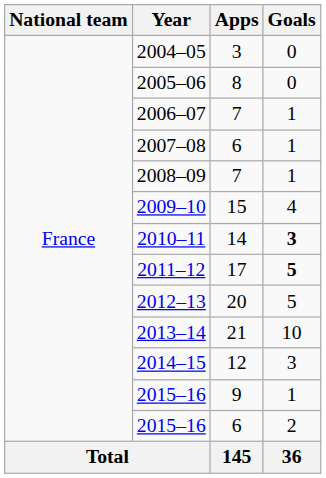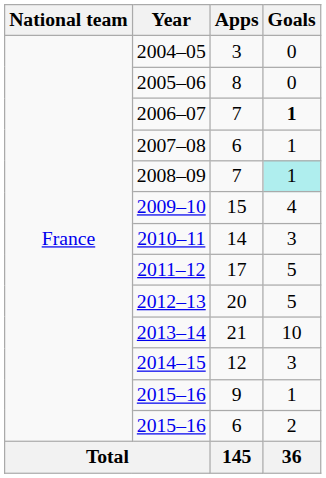 <table class="wikitable" style="text-align:center">
 <tr>
 <th>National team</th>
 <th>Year</th>
 <th>Apps</th>
 <th>Goals</th>
 </tr>
 <tr>
 <td rowspan="13"><a href='#'>France</a></td>
 <td>2004–05</td>
 <td>3</td>
 <td>0</td>
 </tr>
 <tr>
 <td>2005–06</td>
 <td>8</td>
 <td>0</td>
 </tr>
 <tr>
 <td>2006–07</td>
 <td>7</td>
-<td>1</td>
+<td><strong>1</strong></td>
 </tr>
 <tr>
 <td>2007–08</td>
 <td>6</td>
 <td>1</td>
 </tr>
 <tr>
 <td>2008–09</td>
 <td>7</td>
-<td>1</td>
+<td style="background: paleturquoise;">1</td>
 </tr>
 <tr>
 <td><a href='#'>2009–10</a></td>
 <td>15</td>
 <td>4</td>
 </tr>
 <tr>
 <td><a href='#'>2010–11</a></td>
 <td>14</td>
-<td><strong>3</strong></td>
+<td>3</td>
 </tr>
 <tr>
 <td><a href='#'>2011–12</a></td>
 <td>17</td>
-<td><strong>5</strong></td>
+<td>5</td>
 </tr>
 <tr>
 <td><a href='#'>2012–13</a></td>
 <td>20</td>
 <td>5</td>
 </tr>
 <tr>
 <td><a href='#'>2013–14</a></td>
 <td>21</td>
 <td>10</td>
 </tr>
 <tr>
 <td><a href='#'>2014–15</a></td>
 <td>12</td>
 <td>3</td>
 </tr>
 <tr>
 <td><a href='#'>2015–16</a></td>
 <td>9</td>
 <td>1</td>
 </tr>
 <tr>
 <td><a href='#'>2015–16</a></td>
 <td>6</td>
 <td>2</td>
 </tr>
 <tr>
 <th colspan="2">Total</th>
 <th>145</th>
 <th>36</th>
 </tr>
 </table>
